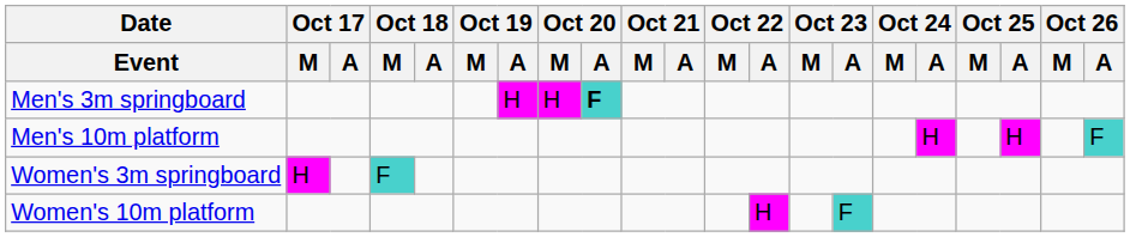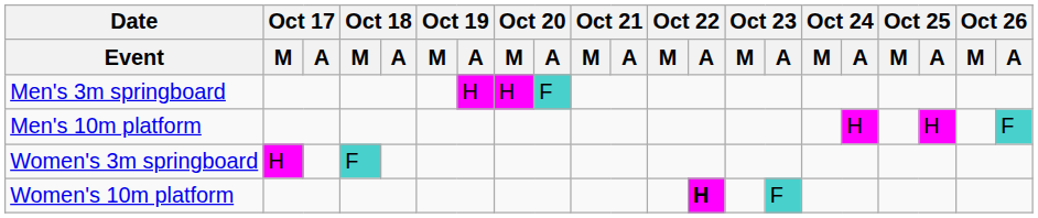 <table class="wikitable olympic-schedule Diving">
 <tr>
 <th>Date</th>
 <th colspan="2">Oct 17</th>
 <th colspan="2">Oct 18</th>
 <th colspan="2">Oct 19</th>
 <th colspan="2">Oct 20</th>
 <th colspan="2">Oct 21</th>
 <th colspan="2">Oct 22</th>
 <th colspan="2">Oct 23</th>
 <th colspan="2">Oct 24</th>
 <th colspan="2">Oct 25</th>
 <th colspan="2">Oct 26</th>
 </tr>
 <tr>
 <th>Event</th>
 <th>M</th>
 <th>A</th>
 <th>M</th>
 <th>A</th>
 <th>M</th>
 <th>A</th>
 <th>M</th>
 <th>A</th>
 <th>M</th>
 <th>A</th>
 <th>M</th>
 <th>A</th>
 <th>M</th>
 <th>A</th>
 <th>M</th>
 <th>A</th>
 <th>M</th>
 <th>A</th>
 <th>M</th>
 <th>A</th>
 </tr>
 <tr>
 <td class="event"><a href='#'>Men's 3m springboard</a></td>
 <td colspan="2"></td>
 <td colspan="2"></td>
 <td></td>
 <td bgcolor="#FF00FF" class="heat">H</td>
 <td bgcolor="#FF00FF" class="heat">H</td>
-<td bgcolor="#48D1CC" class="finals"><strong>F</strong></td>
+<td bgcolor="#48D1CC" class="finals">F</td>
 <td colspan="2"></td>
 <td colspan="2"></td>
 <td colspan="2"></td>
 <td colspan="2"></td>
 <td colspan="2"></td>
 <td colspan="2"></td>
 </tr>
 <tr>
 <td class="event"><a href='#'>Men's 10m platform</a></td>
 <td colspan="2"></td>
 <td colspan="2"></td>
 <td colspan="2"></td>
 <td colspan="2"></td>
 <td colspan="2"></td>
 <td colspan="2"></td>
 <td colspan="2"></td>
 <td></td>
 <td bgcolor="#FF00FF" class="heat">H</td>
 <td></td>
 <td bgcolor="#FF00FF" class="heat">H</td>
 <td></td>
 <td bgcolor="#48D1CC" class="finals">F</td>
 </tr>
 <tr>
 <td class="event"><a href='#'>Women's 3m springboard</a></td>
 <td bgcolor="#FF00FF" class="heat">H</td>
 <td></td>
 <td bgcolor="#48D1CC" class="finals">F</td>
 <td></td>
 <td colspan="2"></td>
 <td colspan="2"></td>
 <td colspan="2"></td>
 <td colspan="2"></td>
 <td colspan="2"></td>
 <td colspan="2"></td>
 <td colspan="2"></td>
 <td colspan="2"></td>
 </tr>
 <tr>
 <td class="event"><a href='#'>Women's 10m platform</a></td>
 <td colspan="2"></td>
 <td colspan="2"></td>
 <td colspan="2"></td>
 <td colspan="2"></td>
 <td colspan="2"></td>
 <td></td>
-<td bgcolor="#FF00FF" class="heat">H</td>
+<td bgcolor="#FF00FF" class="heat"><strong>H</strong></td>
 <td></td>
 <td bgcolor="#48D1CC" class="finals">F</td>
 <td colspan="2"></td>
 <td colspan="2"></td>
 <td colspan="2"></td>
 </tr>
 </table>
